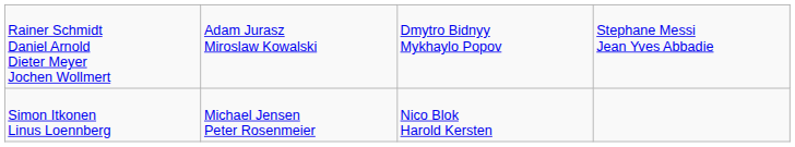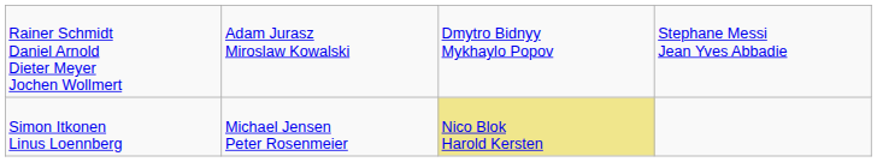 <table class="wikitable">
 <tr>
 <td style="vertical-align:top; width:220px"><br><a href='#'>Rainer Schmidt</a><br><a href='#'>Daniel Arnold</a><br><a href='#'>Dieter Meyer</a><br><a href='#'>Jochen Wollmert</a></td>
 <td style="vertical-align:top; width:220px"><br><a href='#'>Adam Jurasz</a><br><a href='#'>Miroslaw Kowalski</a></td>
 <td style="vertical-align:top; width:220px"><br><a href='#'>Dmytro Bidnyy</a><br><a href='#'>Mykhaylo Popov</a></td>
 <td style="vertical-align:top; width:220px"><br><a href='#'>Stephane Messi</a><br><a href='#'>Jean Yves Abbadie</a></td>
 </tr>
 <tr>
 <td style="vertical-align:top; width:220px"><br><a href='#'>Simon Itkonen</a><br><a href='#'>Linus Loennberg</a></td>
 <td style="vertical-align:top; width:220px"><br><a href='#'>Michael Jensen</a><br><a href='#'>Peter Rosenmeier</a></td>
-<td style="vertical-align:top; width:220px"><br><a href='#'>Nico Blok</a><br><a href='#'>Harold Kersten</a></td>
+<td style="background: khaki; vertical-align:top; width:220px"><br><a href='#'>Nico Blok</a><br><a href='#'>Harold Kersten</a></td>
 </tr>
 </table>
